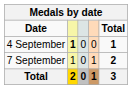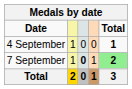 <table class="wikitable" style="font-size:85%">
 <tr bgcolor="#efefef">
 <th colspan=6>Medals by date</th>
 </tr>
 <tr align=center>
 <td><strong>Date</strong></td>
 <td bgcolor=#f7f6a8></td>
 <td bgcolor=#dce5e5></td>
 <td bgcolor=#ffdab9></td>
 <td><strong>Total</strong></td>
 </tr>
 <tr align=center>
 <td>4 September</td>
-<td style="background:#F7F6A8;"><strong>1</strong></td>
+<td style="background:#F7F6A8;">1</td>
 <td style="background:#DCE5E5;">0</td>
 <td style="background:#FFDAB9;">0</td>
 <td><strong>1</strong></td>
 </tr>
 <tr align=center>
 <td>7 September</td>
 <td style="background:#F7F6A8;">1</td>
-<td style="background:#DCE5E5;">0</td>
+<td style="background:#DCE5E5;"><strong>0</strong></td>
 <td style="background:#FFDAB9;">1</td>
-<td><strong>2</strong></td>
+<td style="background: lightgreen;"><strong>2</strong></td>
 </tr>
 <tr align=center>
 <th><strong>Total</strong></th>
 <th style="background:gold;"><strong>2</strong></th>
 <th style="background:silver;"><strong>0</strong></th>
 <th style="background:#c96;"><strong>1</strong></th>
 <th>3</th>
 </tr>
 </table>
